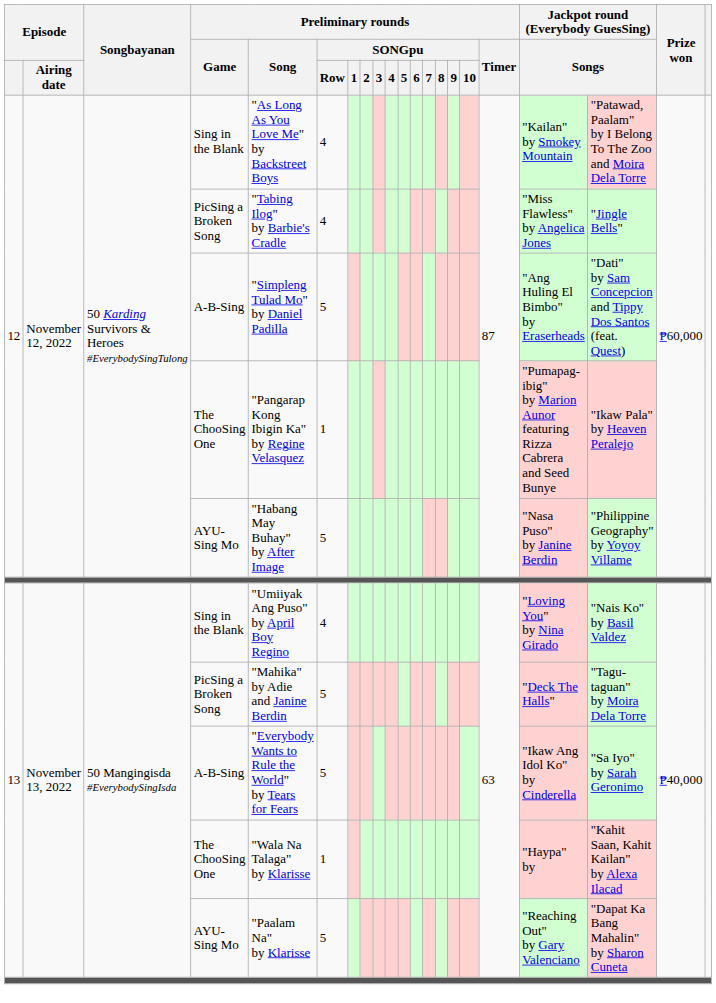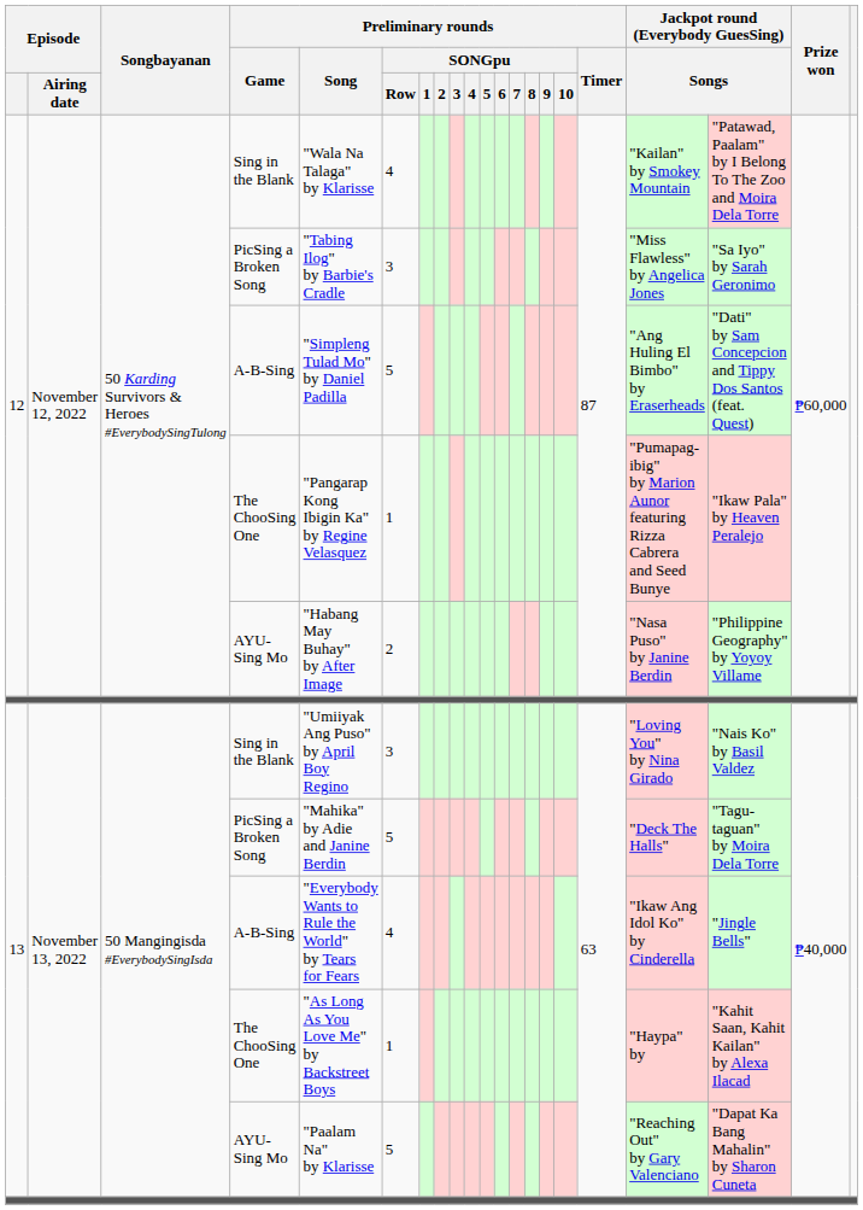 <table class="wikitable plainrowheaders mw-collapsible ">
 <tr>
 <th colspan="2" rowspan="2">Episode</th>
 <th rowspan="3">Songbayanan</th>
 <th colspan="14">Preliminary rounds</th>
 <th colspan="2">Jackpot round<br>(Everybody GuesSing)</th>
 <th rowspan="3">Prize won</th>
 <th rowspan="3"></th>
 </tr>
 <tr>
 <th rowspan="2">Game</th>
 <th rowspan="2">Song</th>
 <th colspan="11">SONGpu</th>
 <th rowspan="2">Timer</th>
 <th colspan="2" rowspan="2">Songs</th>
 </tr>
 <tr>
 <th></th>
 <th>Airing date</th>
 <th>Row</th>
 <th>1</th>
 <th>2</th>
 <th>3</th>
 <th>4</th>
 <th>5</th>
 <th>6</th>
 <th>7</th>
 <th>8</th>
 <th>9</th>
 <th>10</th>
 </tr>
 <tr>
 <td rowspan="5">12</td>
 <td rowspan="5">November 12, 2022</td>
 <td rowspan="5">50 <a href='#'><em>Karding</em></a> Survivors & Heroes<br><small><em>#EverybodySingTulong</em></small></td>
 <td>Sing in the Blank</td>
-<td>"<a href='#'>As Long As You Love Me</a>"<br> by <a href='#'>Backstreet Boys</a></td>
+<td>"Wala Na Talaga"<br>by <a href='#'>Klarisse</a></td>
 <td>4</td>
 <td style="background:#D2FFD2"></td>
 <td style="background:#D2FFD2"></td>
 <td style="background:#FFD2D2"></td>
 <td style="background:#D2FFD2"></td>
 <td style="background:#D2FFD2"></td>
 <td style="background:#D2FFD2"></td>
 <td style="background:#D2FFD2"></td>
 <td style="background:#FFD2D2"></td>
 <td style="background:#D2FFD2"></td>
 <td style="background:#FFD2D2"></td>
 <td rowspan="5">87 </td>
 <td style="background:#D2FFD2">"Kailan"<br>by <a href='#'>Smokey Mountain</a></td>
 <td style="background:#FFD2D2">"Patawad, Paalam"<br>by I Belong To The Zoo <br>and <a href='#'>Moira Dela Torre</a></td>
 <td rowspan="5"><a href='#'>₱</a>60,000</td>
 <td rowspan="5"></td>
 </tr>
 <tr>
 <td>PicSing a Broken Song</td>
 <td>"<a href='#'>Tabing Ilog</a>"<br>by <a href='#'>Barbie's Cradle</a></td>
-<td>4</td>
+<td>3</td>
 <td style="background:#D2FFD2"></td>
 <td style="background:#D2FFD2"></td>
 <td style="background:#FFD2D2"></td>
 <td style="background:#D2FFD2"></td>
 <td style="background:#D2FFD2"></td>
 <td style="background:#FFD2D2"></td>
 <td style="background:#FFD2D2"></td>
 <td style="background:#D2FFD2"></td>
 <td style="background:#FFD2D2"></td>
 <td style="background:#FFD2D2"></td>
 <td style="background:#D2FFD2">"Miss Flawless"<br>by <a href='#'>Angelica Jones</a></td>
-<td style="background:#D2FFD2">"<a href='#'>Jingle Bells</a>"</td>
+<td style="background:#D2FFD2">"Sa Iyo"<br>by <a href='#'>Sarah Geronimo</a></td>
 </tr>
 <tr>
 <td>A-B-Sing</td>
 <td>"<a href='#'>Simpleng Tulad Mo</a>"<br>by <a href='#'>Daniel Padilla</a></td>
 <td>5</td>
 <td style="background:#FFD2D2"></td>
 <td style="background:#D2FFD2"></td>
 <td style="background:#D2FFD2"></td>
 <td style="background:#D2FFD2"></td>
 <td style="background:#FFD2D2"></td>
 <td style="background:#FFD2D2"></td>
 <td style="background:#D2FFD2"></td>
 <td style="background:#FFD2D2"></td>
 <td style="background:#FFD2D2"></td>
 <td style="background:#FFD2D2"></td>
 <td style="background:#D2FFD2">"Ang Huling El Bimbo"<br>by <a href='#'>Eraserheads</a></td>
 <td style="background:#D2FFD2">"Dati"<br>by <a href='#'>Sam Concepcion</a> and <a href='#'>Tippy Dos Santos</a> (feat. <a href='#'>Quest</a>)</td>
 </tr>
 <tr>
 <td>The ChooSing One</td>
 <td>"Pangarap Kong Ibigin Ka"<br>by <a href='#'>Regine Velasquez</a></td>
 <td>1</td>
 <td style="background:#D2FFD2"></td>
 <td style="background:#D2FFD2"></td>
 <td style="background:#FFD2D2"></td>
 <td style="background:#D2FFD2"></td>
 <td style="background:#D2FFD2"></td>
 <td style="background:#D2FFD2"></td>
 <td style="background:#D2FFD2"></td>
 <td style="background:#D2FFD2"></td>
 <td style="background:#D2FFD2"></td>
 <td style="background:#D2FFD2"></td>
 <td style="background:#FFD2D2">"Pumapag-ibig"<br>by <a href='#'>Marion Aunor</a> featuring<br> Rizza Cabrera and Seed Bunye</td>
 <td style="background:#FFD2D2">"Ikaw Pala"<br>by <a href='#'>Heaven Peralejo</a></td>
 </tr>
 <tr>
 <td>AYU-Sing Mo</td>
 <td>"Habang May Buhay"<br>by <a href='#'>After Image</a></td>
-<td>5</td>
+<td>2</td>
 <td style="background:#D2FFD2"></td>
 <td style="background:#D2FFD2"></td>
 <td style="background:#D2FFD2"></td>
 <td style="background:#D2FFD2"></td>
 <td style="background:#D2FFD2"></td>
 <td style="background:#D2FFD2"></td>
 <td style="background:#FFD2D2"></td>
 <td style="background:#FFD2D2"></td>
 <td style="background:#D2FFD2"></td>
 <td style="background:#D2FFD2"></td>
 <td style="background:#FFD2D2">"Nasa Puso"<br>by <a href='#'>Janine Berdin</a></td>
 <td style="background:#D2FFD2">"Philippine Geography"<br>by <a href='#'>Yoyoy Villame</a></td>
 </tr>
 <tr>
 <th colspan="21" style="background:#555;"></th>
 </tr>
 <tr>
 <td rowspan="5">13</td>
 <td rowspan="5">November 13, 2022</td>
 <td rowspan="5">50 Mangingisda<br><small><em>#EverybodySingIsda</em></small></td>
 <td>Sing in the Blank</td>
 <td>"Umiiyak Ang Puso"<br>by <a href='#'>April Boy Regino</a></td>
-<td>4</td>
+<td>3</td>
 <td style="background:#D2FFD2"></td>
 <td style="background:#D2FFD2"></td>
 <td style="background:#D2FFD2"></td>
 <td style="background:#D2FFD2"></td>
 <td style="background:#D2FFD2"></td>
 <td style="background:#D2FFD2"></td>
 <td style="background:#D2FFD2"></td>
 <td style="background:#D2FFD2"></td>
 <td style="background:#D2FFD2"></td>
 <td style="background:#D2FFD2"></td>
 <td rowspan="5">63 </td>
 <td style="background:#FFD2D2">"<a href='#'>Loving You</a>"<br>by <a href='#'>Nina Girado</a></td>
 <td style="background:#D2FFD2">"Nais Ko"<br>by <a href='#'>Basil Valdez</a></td>
 <td rowspan="5"><a href='#'>₱</a>40,000</td>
 <td rowspan="5"></td>
 </tr>
 <tr>
 <td>PicSing a Broken Song</td>
 <td>"Mahika"<br>by Adie and <a href='#'>Janine Berdin</a></td>
 <td>5</td>
 <td style="background:#FFD2D2"></td>
 <td style="background:#FFD2D2"></td>
 <td style="background:#FFD2D2"></td>
 <td style="background:#FFD2D2"></td>
 <td style="background:#D2FFD2"></td>
 <td style="background:#FFD2D2"></td>
 <td style="background:#FFD2D2"></td>
 <td style="background:#D2FFD2"></td>
 <td style="background:#FFD2D2"></td>
 <td style="background:#FFD2D2"></td>
 <td style="background:#FFD2D2">"<a href='#'>Deck The Halls</a>"</td>
 <td style="background:#D2FFD2">"Tagu-taguan"<br>by <a href='#'>Moira Dela Torre</a></td>
 </tr>
 <tr>
 <td>A-B-Sing</td>
 <td>"<a href='#'>Everybody Wants to Rule the World</a>"<br>by <a href='#'>Tears for Fears</a></td>
-<td>5</td>
+<td>4</td>
 <td style="background:#FFD2D2"></td>
 <td style="background:#FFD2D2"></td>
 <td style="background:#D2FFD2"></td>
 <td style="background:#FFD2D2"></td>
 <td style="background:#FFD2D2"></td>
 <td style="background:#FFD2D2"></td>
 <td style="background:#FFD2D2"></td>
 <td style="background:#FFD2D2"></td>
 <td style="background:#FFD2D2"></td>
 <td style="background:#D2FFD2"></td>
 <td style="background:#FFD2D2">"Ikaw Ang Idol Ko"<br>by <a href='#'>Cinderella</a></td>
-<td style="background:#D2FFD2">"Sa Iyo"<br>by <a href='#'>Sarah Geronimo</a></td>
+<td style="background:#D2FFD2">"<a href='#'>Jingle Bells</a>"</td>
 </tr>
 <tr>
 <td>The ChooSing One</td>
-<td>"Wala Na Talaga"<br>by <a href='#'>Klarisse</a></td>
+<td>"<a href='#'>As Long As You Love Me</a>"<br> by <a href='#'>Backstreet Boys</a></td>
 <td>1</td>
 <td style="background:#FFD2D2"></td>
 <td style="background:#D2FFD2"></td>
 <td style="background:#D2FFD2"></td>
 <td style="background:#D2FFD2"></td>
 <td style="background:#D2FFD2"></td>
 <td style="background:#D2FFD2"></td>
 <td style="background:#D2FFD2"></td>
 <td style="background:#D2FFD2"></td>
 <td style="background:#D2FFD2"></td>
 <td style="background:#D2FFD2"></td>
 <td style="background:#FFD2D2">"Haypa"<br>by </td>
 <td style="background:#FFD2D2">"Kahit Saan, Kahit Kailan"<br>by <a href='#'>Alexa Ilacad</a></td>
 </tr>
 <tr>
 <td>AYU-Sing Mo</td>
 <td>"Paalam Na"<br>by <a href='#'>Klarisse</a></td>
 <td>5</td>
 <td style="background:#D2FFD2"></td>
 <td style="background:#FFD2D2"></td>
 <td style="background:#FFD2D2"></td>
 <td style="background:#FFD2D2"></td>
 <td style="background:#FFD2D2"></td>
 <td style="background:#D2FFD2"></td>
 <td style="background:#FFD2D2"></td>
 <td style="background:#D2FFD2"></td>
 <td style="background:#FFD2D2"></td>
 <td style="background:#FFD2D2"></td>
 <td style="background:#D2FFD2">"Reaching Out"<br>by <a href='#'>Gary Valenciano</a></td>
 <td style="background:#FFD2D2">"Dapat Ka Bang Mahalin"<br>by <a href='#'>Sharon Cuneta</a></td>
 </tr>
 <tr>
 <th colspan="21" style="background:#555;"></th>
 </tr>
 <tr>
 </tr>
 </table>
